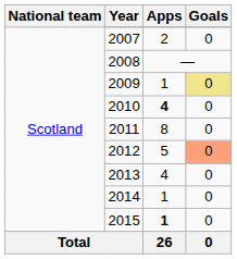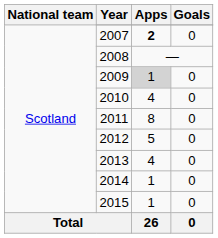 <table class="wikitable" style="text-align: center;">
 <tr>
 <th>National team</th>
 <th>Year</th>
 <th>Apps</th>
 <th>Goals</th>
 </tr>
 <tr>
 <td rowspan=10><a href='#'>Scotland</a></td>
 </tr>
 <tr>
 <td>2007</td>
-<td>2</td>
+<td><strong>2</strong></td>
 <td>0</td>
 </tr>
 <tr>
 <td>2008</td>
 <td colspan=2>—</td>
 </tr>
 <tr>
 <td>2009</td>
-<td>1</td>
-<td style="background: khaki;">0</td>
+<td style="background: lightgrey;">1</td>
+<td>0</td>
 </tr>
 <tr>
 <td>2010</td>
-<td><strong>4</strong></td>
+<td>4</td>
 <td>0</td>
 </tr>
 <tr>
 <td>2011</td>
 <td>8</td>
 <td>0</td>
 </tr>
 <tr>
 <td>2012</td>
 <td>5</td>
-<td style="background: lightsalmon;">0</td>
+<td>0</td>
 </tr>
 <tr>
 <td>2013</td>
 <td>4</td>
 <td>0</td>
 </tr>
 <tr>
 <td>2014</td>
 <td>1</td>
 <td>0</td>
 </tr>
 <tr>
 <td>2015</td>
-<td><strong>1</strong></td>
+<td>1</td>
 <td>0</td>
 </tr>
 <tr>
 <th colspan=2>Total</th>
 <th>26</th>
 <th>0</th>
 </tr>
 </table>
